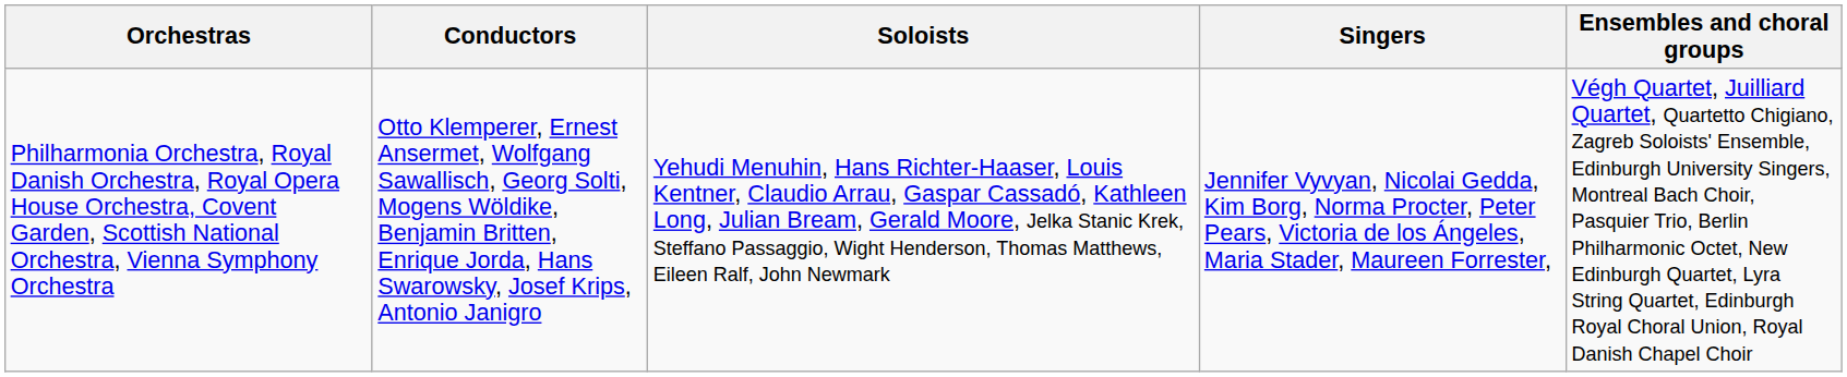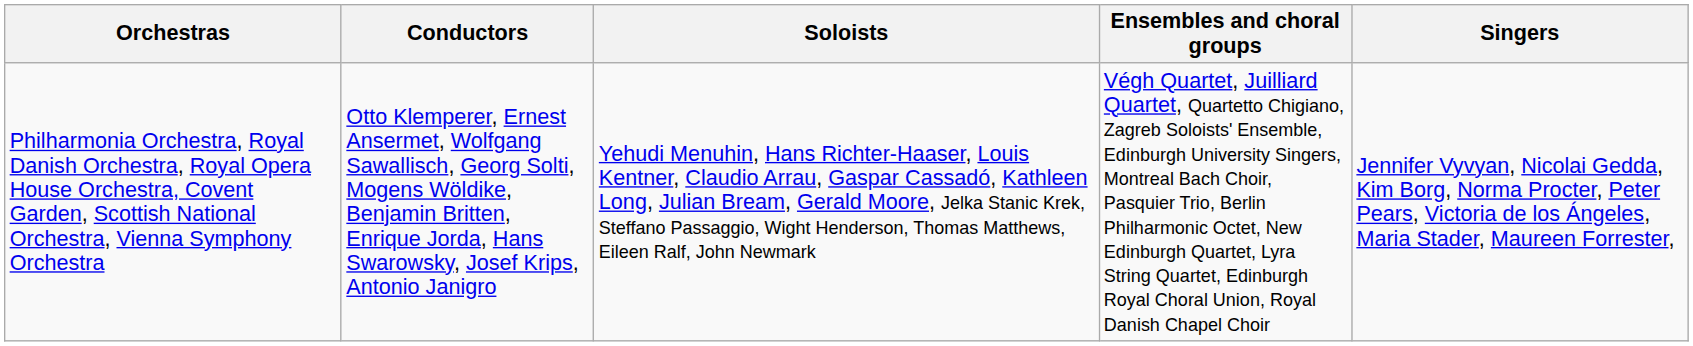 <table class="wikitable toptextcells">
 <tr class="hintergrundfarbe5">
 <th style="width:20%;">Orchestras</th>
 <th style="width:15%;">Conductors</th>
 <th style="width:30%;">Soloists</th>
+<th style="width:15%;">Ensembles and choral groups</th>
 <th style="width:20%;">Singers</th>
-<th style="width:15%;">Ensembles and choral groups</th>
 </tr>
 <tr>
 <td><a href='#'>Philharmonia Orchestra</a>, <a href='#'>Royal Danish Orchestra</a>, <a href='#'>Royal Opera House Orchestra, Covent Garden</a>, <a href='#'>Scottish National Orchestra</a>, <a href='#'>Vienna Symphony Orchestra</a></td>
 <td><a href='#'>Otto Klemperer</a>, <a href='#'>Ernest Ansermet</a>, <a href='#'>Wolfgang Sawallisch</a>, <a href='#'>Georg Solti</a>, <a href='#'>Mogens Wöldike</a>, <a href='#'>Benjamin Britten</a>, <a href='#'>Enrique Jorda</a>, <a href='#'>Hans Swarowsky</a>, <a href='#'>Josef Krips</a>, <a href='#'>Antonio Janigro</a></td>
 <td><a href='#'>Yehudi Menuhin</a>, <a href='#'>Hans Richter-Haaser</a>, <a href='#'>Louis Kentner</a>, <a href='#'>Claudio Arrau</a>, <a href='#'>Gaspar Cassadó</a>, <a href='#'>Kathleen Long</a>, <a href='#'>Julian Bream</a>, <a href='#'>Gerald Moore</a>, <small>Jelka Stanic Krek, Steffano Passaggio, Wight Henderson, Thomas Matthews, Eileen Ralf, John Newmark</small></td>
+<td><a href='#'>Végh Quartet</a>, <a href='#'>Juilliard Quartet</a>, <small>Quartetto Chigiano, Zagreb Soloists' Ensemble, Edinburgh University Singers, Montreal Bach Choir, Pasquier Trio, Berlin Philharmonic Octet, New Edinburgh Quartet, Lyra String Quartet, Edinburgh Royal Choral Union, Royal Danish Chapel Choir</small></td>
 <td><a href='#'>Jennifer Vyvyan</a>, <a href='#'>Nicolai Gedda</a>, <a href='#'>Kim Borg</a>, <a href='#'>Norma Procter</a>, <a href='#'>Peter Pears</a>, <a href='#'>Victoria de los Ángeles</a>, <a href='#'>Maria Stader</a>, <a href='#'>Maureen Forrester</a>,</td>
-<td><a href='#'>Végh Quartet</a>, <a href='#'>Juilliard Quartet</a>, <small>Quartetto Chigiano, Zagreb Soloists' Ensemble, Edinburgh University Singers, Montreal Bach Choir, Pasquier Trio, Berlin Philharmonic Octet, New Edinburgh Quartet, Lyra String Quartet, Edinburgh Royal Choral Union, Royal Danish Chapel Choir</small></td>
 </tr>
 </table>
